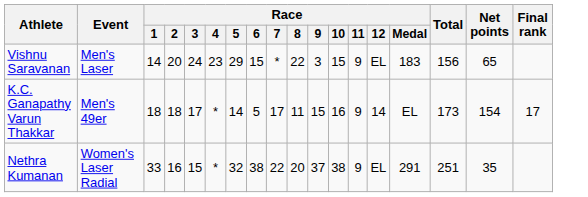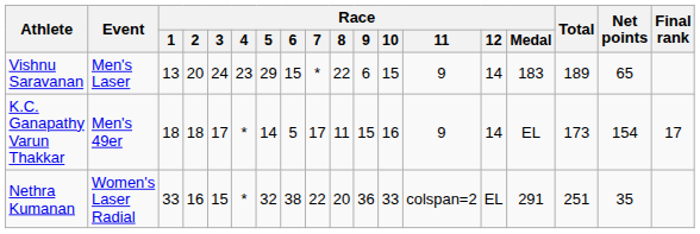 <table class="wikitable" style="font-size:90%">
 <tr>
 <th rowspan="2">Athlete</th>
 <th rowspan="2">Event</th>
 <th colspan=13>Race</th>
 <th rowspan=2>Total</th>
 <th rowspan=2>Net points</th>
 <th rowspan=2>Final rank</th>
 </tr>
 <tr style="font-size:95%">
 <th>1</th>
 <th>2</th>
 <th>3</th>
 <th>4</th>
 <th>5</th>
 <th>6</th>
 <th>7</th>
 <th>8</th>
 <th>9</th>
 <th>10</th>
 <th>11</th>
 <th>12</th>
 <th>Medal</th>
 </tr>
 <tr align=center>
 <td align=left><a href='#'>Vishnu Saravanan</a></td>
 <td align=left><a href='#'>Men's Laser</a></td>
-<td>14</td>
+<td>13</td>
 <td>20</td>
 <td>24</td>
 <td>23</td>
 <td>29</td>
 <td>15</td>
 <td>*</td>
 <td>22</td>
-<td>3</td>
+<td>6</td>
 <td>15</td>
 <td>9</td>
-<td>EL</td>
+<td>14</td>
 <td>183</td>
-<td>156</td>
+<td>189</td>
 <td>65</td>
 </tr>
 <tr align=center>
 <td align=left><a href='#'>K.C. Ganapathy</a> <br> <a href='#'>Varun Thakkar</a></td>
 <td align=left><a href='#'>Men's 49er</a></td>
 <td>18</td>
 <td>18</td>
 <td>17</td>
 <td>*</td>
 <td>14</td>
 <td>5</td>
 <td>17</td>
 <td>11</td>
 <td>15</td>
 <td>16</td>
 <td>9</td>
 <td>14</td>
 <td>EL</td>
 <td>173</td>
 <td>154</td>
 <td>17</td>
 </tr>
 <tr align=center>
 <td align=left><a href='#'>Nethra Kumanan</a></td>
 <td align=left><a href='#'>Women's Laser Radial</a></td>
 <td>33</td>
 <td>16</td>
 <td>15</td>
 <td>*</td>
 <td>32</td>
 <td>38</td>
 <td>22</td>
 <td>20</td>
-<td>37</td>
-<td>38</td>
-<td>9</td>
+<td>36</td>
+<td>33</td>
+<td>colspan=2 </td>
 <td>EL</td>
 <td>291</td>
 <td>251</td>
 <td>35</td>
 </tr>
 </table>
